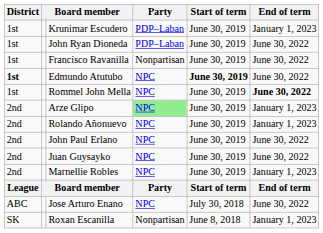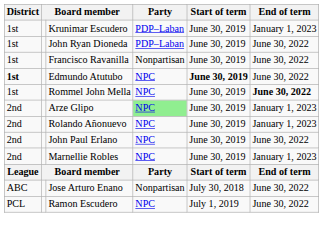 <table class="wikitable">
 <tr>
 <th>District</th>
 <th colspan="2">Board member</th>
 <th>Party</th>
 <th>Start of term</th>
 <th>End of term</th>
 </tr>
 <tr>
 <td>1st</td>
 <td></td>
 <td>Krunimar Escudero</td>
 <td><a href='#'>PDP–Laban</a></td>
 <td>June 30, 2019</td>
 <td>January 1, 2023</td>
 </tr>
 <tr>
 <td>1st</td>
 <td></td>
 <td>John Ryan Dioneda</td>
 <td><a href='#'>PDP–Laban</a></td>
 <td>June 30, 2019</td>
 <td>June 30, 2022</td>
 </tr>
 <tr>
 <td>1st</td>
 <td></td>
 <td>Francisco Ravanilla</td>
 <td>Nonpartisan</td>
 <td>June 30, 2019</td>
 <td>June 30, 2022</td>
 </tr>
 <tr>
 <td><strong>1st</strong></td>
 <td></td>
 <td>Edmundo Atutubo</td>
 <td><a href='#'>NPC</a></td>
 <td><strong>June 30, 2019</strong></td>
 <td>June 30, 2022</td>
 </tr>
 <tr>
 <td>1st</td>
 <td></td>
 <td>Rommel John Mella</td>
 <td><a href='#'>NPC</a></td>
 <td>June 30, 2019</td>
 <td><strong>June 30, 2022</strong></td>
 </tr>
 <tr>
 <td>2nd</td>
 <td></td>
 <td>Arze Glipo</td>
 <td style="background: lightgreen;"><a href='#'>NPC</a></td>
 <td>June 30, 2019</td>
 <td>January 1, 2023</td>
 </tr>
 <tr>
 <td>2nd</td>
 <td></td>
 <td>Rolando Añonuevo</td>
 <td><a href='#'>NPC</a></td>
 <td>June 30, 2019</td>
 <td>January 1, 2023</td>
 </tr>
 <tr>
 <td>2nd</td>
 <td></td>
 <td>John Paul Erlano</td>
 <td><a href='#'>NPC</a></td>
 <td>June 30, 2019</td>
 <td>June 30, 2022</td>
 </tr>
 <tr>
 <td>2nd</td>
 <td></td>
-<td>Juan Guysayko</td>
-<td><a href='#'>NPC</a></td>
-<td>June 30, 2019</td>
-<td>June 30, 2022</td>
-</tr>
-<tr>
-<td>2nd</td>
-<td></td>
 <td>Marnellie Robles</td>
 <td><a href='#'>NPC</a></td>
 <td>June 30, 2019</td>
 <td>January 1, 2023</td>
 </tr>
 <tr>
 <th>League</th>
 <th colspan="2">Board member</th>
 <th>Party</th>
 <th>Start of term</th>
 <th>End of term</th>
 </tr>
 <tr>
 <td>ABC</td>
 <td></td>
 <td>Jose Arturo Enano</td>
-<td><a href='#'>NPC</a></td>
+<td>Nonpartisan</td>
 <td>July 30, 2018</td>
 <td>June 30, 2022</td>
 </tr>
 <tr>
-<td>SK</td>
+<td>PCL</td>
 <td></td>
-<td>Roxan Escanilla</td>
-<td>Nonpartisan</td>
-<td>June 8, 2018</td>
-<td>January 1, 2023</td>
+<td>Ramon Escudero</td>
+<td><a href='#'>NPC</a></td>
+<td>July 1, 2019</td>
+<td>June 30, 2022</td>
 </tr>
 </table>
